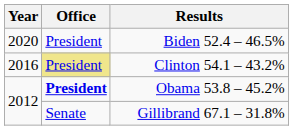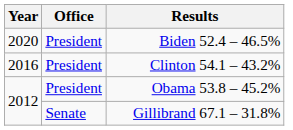 <table class=wikitable>
 <tr>
 <th width="30">Year</th>
 <th width="60">Office</th>
 <th width="180">Results</th>
 </tr>
 <tr>
 <td>2020</td>
 <td><a href='#'>President</a></td>
 <td align="right" ><a href='#'>Biden</a> 52.4 – 46.5%</td>
 </tr>
 <tr>
 <td>2016</td>
-<td style="background: khaki;"><a href='#'>President</a></td>
+<td><a href='#'>President</a></td>
 <td align="right" ><a href='#'>Clinton</a> 54.1 – 43.2%</td>
 </tr>
 <tr>
 <td rowspan="2">2012</td>
-<td><strong><a href='#'>President</a></strong></td>
+<td><a href='#'>President</a></td>
 <td align="right" ><a href='#'>Obama</a> 53.8 – 45.2%</td>
 </tr>
 <tr>
 <td><a href='#'>Senate</a></td>
 <td align="right" ><a href='#'>Gillibrand</a> 67.1 – 31.8%</td>
 </tr>
 </table>
